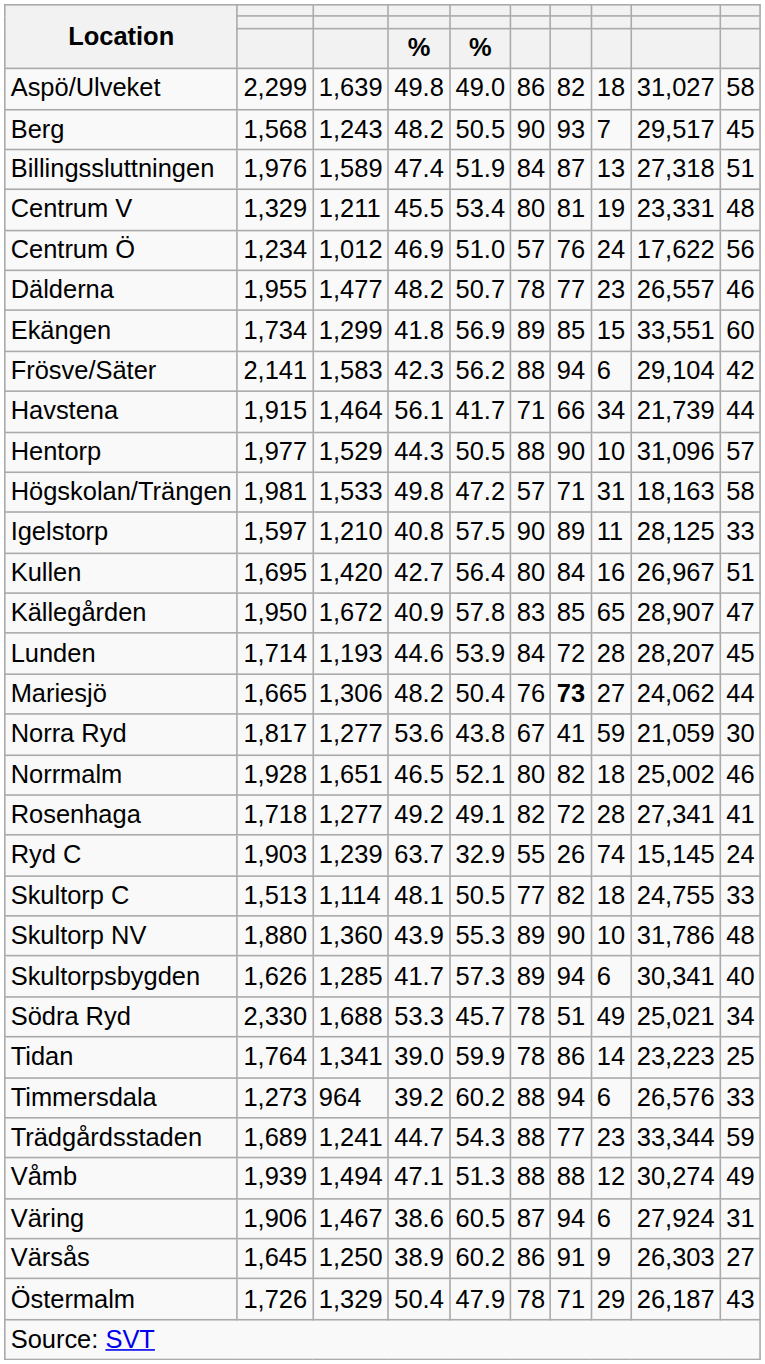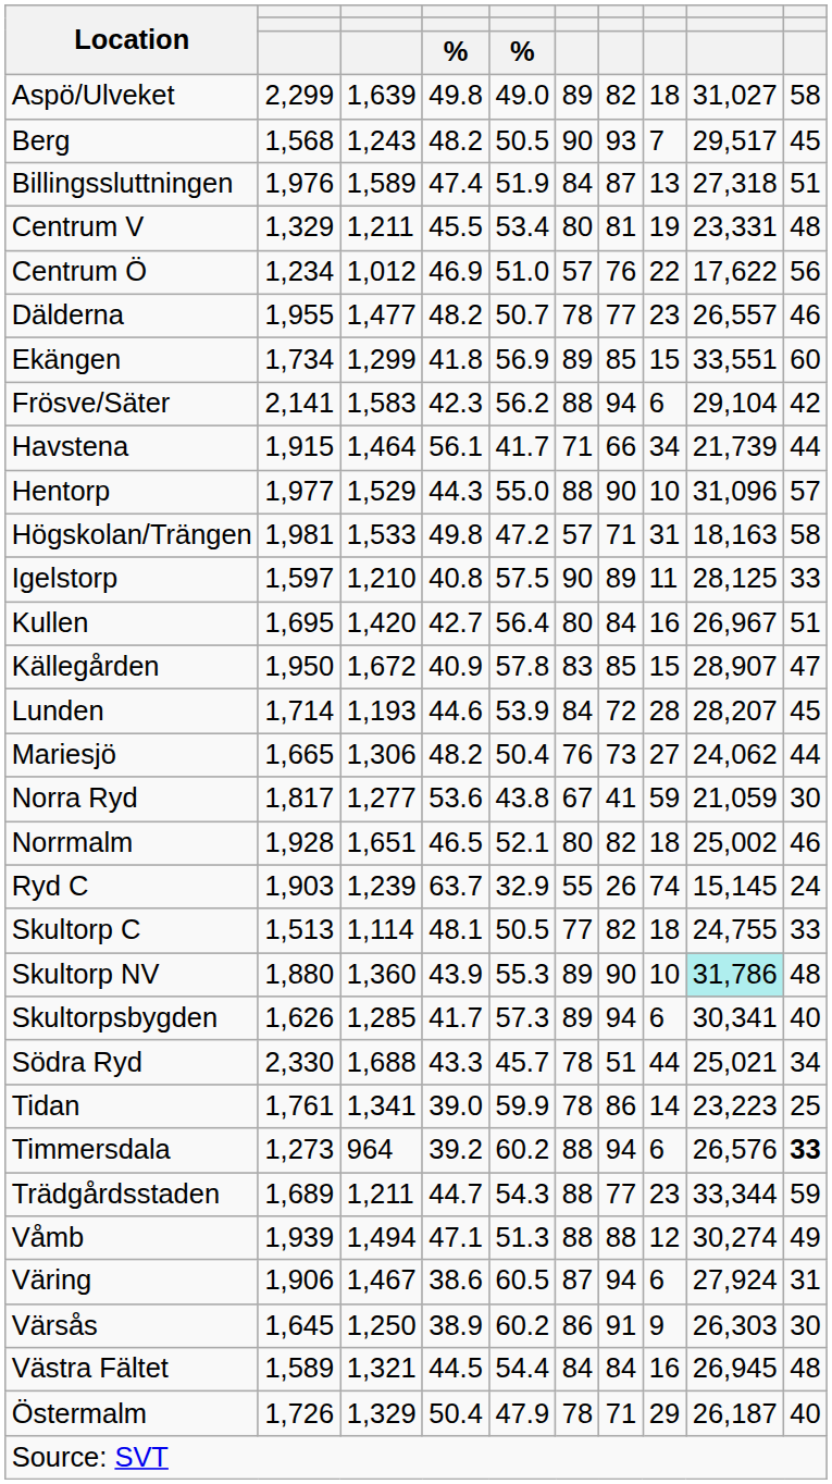 <table role="presentation" class="wikitable sortable mw-collapsible mw-collapsed">
 <tr>
 <th rowspan="3">Location</th>
 <th></th>
 <th></th>
 <th></th>
 <th></th>
 <th></th>
 <th></th>
 <th></th>
 <th></th>
 <th></th>
 </tr>
 <tr>
 <th></th>
 <th></th>
 <th style="background:"></th>
 <th style="background:"></th>
 <th></th>
 <th></th>
 <th></th>
 <th></th>
 <th></th>
 </tr>
 <tr>
 <th data-sort-type="number"></th>
 <th data-sort-type="number"></th>
 <th data-sort-type="number">%</th>
 <th data-sort-type="number">%</th>
 <th data-sort-type="number"></th>
 <th data-sort-type="number"></th>
 <th data-sort-type="number"></th>
 <th data-sort-type="number"></th>
 <th data-sort-type="number"></th>
 </tr>
 <tr>
 <td align="left">Aspö/Ulveket</td>
 <td>2,299</td>
 <td>1,639</td>
 <td>49.8</td>
 <td>49.0</td>
-<td>86</td>
+<td>89</td>
 <td>82</td>
 <td>18</td>
 <td>31,027</td>
 <td>58</td>
 </tr>
 <tr>
 <td align="left">Berg</td>
 <td>1,568</td>
 <td>1,243</td>
 <td>48.2</td>
 <td>50.5</td>
 <td>90</td>
 <td>93</td>
 <td>7</td>
 <td>29,517</td>
 <td>45</td>
 </tr>
 <tr>
 <td align="left">Billingssluttningen</td>
 <td>1,976</td>
 <td>1,589</td>
 <td>47.4</td>
 <td>51.9</td>
 <td>84</td>
 <td>87</td>
 <td>13</td>
 <td>27,318</td>
 <td>51</td>
 </tr>
 <tr>
 <td align="left">Centrum V</td>
 <td>1,329</td>
 <td>1,211</td>
 <td>45.5</td>
 <td>53.4</td>
 <td>80</td>
 <td>81</td>
 <td>19</td>
 <td>23,331</td>
 <td>48</td>
 </tr>
 <tr>
 <td align="left">Centrum Ö</td>
 <td>1,234</td>
 <td>1,012</td>
 <td>46.9</td>
 <td>51.0</td>
 <td>57</td>
 <td>76</td>
-<td>24</td>
+<td>22</td>
 <td>17,622</td>
 <td>56</td>
 </tr>
 <tr>
 <td align="left">Dälderna</td>
 <td>1,955</td>
 <td>1,477</td>
 <td>48.2</td>
 <td>50.7</td>
 <td>78</td>
 <td>77</td>
 <td>23</td>
 <td>26,557</td>
 <td>46</td>
 </tr>
 <tr>
 <td align="left">Ekängen</td>
 <td>1,734</td>
 <td>1,299</td>
 <td>41.8</td>
 <td>56.9</td>
 <td>89</td>
 <td>85</td>
 <td>15</td>
 <td>33,551</td>
 <td>60</td>
 </tr>
 <tr>
 <td align="left">Frösve/Säter</td>
 <td>2,141</td>
 <td>1,583</td>
 <td>42.3</td>
 <td>56.2</td>
 <td>88</td>
 <td>94</td>
 <td>6</td>
 <td>29,104</td>
 <td>42</td>
 </tr>
 <tr>
 <td align="left">Havstena</td>
 <td>1,915</td>
 <td>1,464</td>
 <td>56.1</td>
 <td>41.7</td>
 <td>71</td>
 <td>66</td>
 <td>34</td>
 <td>21,739</td>
 <td>44</td>
 </tr>
 <tr>
 <td align="left">Hentorp</td>
 <td>1,977</td>
 <td>1,529</td>
 <td>44.3</td>
-<td>50.5</td>
+<td>55.0</td>
 <td>88</td>
 <td>90</td>
 <td>10</td>
 <td>31,096</td>
 <td>57</td>
 </tr>
 <tr>
 <td align="left">Högskolan/Trängen</td>
 <td>1,981</td>
 <td>1,533</td>
 <td>49.8</td>
 <td>47.2</td>
 <td>57</td>
 <td>71</td>
 <td>31</td>
 <td>18,163</td>
 <td>58</td>
 </tr>
 <tr>
 <td align="left">Igelstorp</td>
 <td>1,597</td>
 <td>1,210</td>
 <td>40.8</td>
 <td>57.5</td>
 <td>90</td>
 <td>89</td>
 <td>11</td>
 <td>28,125</td>
 <td>33</td>
 </tr>
 <tr>
 <td align="left">Kullen</td>
 <td>1,695</td>
 <td>1,420</td>
 <td>42.7</td>
 <td>56.4</td>
 <td>80</td>
 <td>84</td>
 <td>16</td>
 <td>26,967</td>
 <td>51</td>
 </tr>
 <tr>
 <td align="left">Källegården</td>
 <td>1,950</td>
 <td>1,672</td>
 <td>40.9</td>
 <td>57.8</td>
 <td>83</td>
 <td>85</td>
-<td>65</td>
+<td>15</td>
 <td>28,907</td>
 <td>47</td>
 </tr>
 <tr>
 <td align="left">Lunden</td>
 <td>1,714</td>
 <td>1,193</td>
 <td>44.6</td>
 <td>53.9</td>
 <td>84</td>
 <td>72</td>
 <td>28</td>
 <td>28,207</td>
 <td>45</td>
 </tr>
 <tr>
 <td align="left">Mariesjö</td>
 <td>1,665</td>
 <td>1,306</td>
 <td>48.2</td>
 <td>50.4</td>
 <td>76</td>
-<td><strong>73</strong></td>
+<td>73</td>
 <td>27</td>
 <td>24,062</td>
 <td>44</td>
 </tr>
 <tr>
 <td align="left">Norra Ryd</td>
 <td>1,817</td>
 <td>1,277</td>
 <td>53.6</td>
 <td>43.8</td>
 <td>67</td>
 <td>41</td>
 <td>59</td>
 <td>21,059</td>
 <td>30</td>
 </tr>
 <tr>
 <td align="left">Norrmalm</td>
 <td>1,928</td>
 <td>1,651</td>
 <td>46.5</td>
 <td>52.1</td>
 <td>80</td>
 <td>82</td>
 <td>18</td>
 <td>25,002</td>
 <td>46</td>
-</tr>
-<tr>
-<td align="left">Rosenhaga</td>
-<td>1,718</td>
-<td>1,277</td>
-<td>49.2</td>
-<td>49.1</td>
-<td>82</td>
-<td>72</td>
-<td>28</td>
-<td>27,341</td>
-<td>41</td>
 </tr>
 <tr>
 <td align="left">Ryd C</td>
 <td>1,903</td>
 <td>1,239</td>
 <td>63.7</td>
 <td>32.9</td>
 <td>55</td>
 <td>26</td>
 <td>74</td>
 <td>15,145</td>
 <td>24</td>
 </tr>
 <tr>
 <td align="left">Skultorp C</td>
 <td>1,513</td>
 <td>1,114</td>
 <td>48.1</td>
 <td>50.5</td>
 <td>77</td>
 <td>82</td>
 <td>18</td>
 <td>24,755</td>
 <td>33</td>
 </tr>
 <tr>
 <td align="left">Skultorp NV</td>
 <td>1,880</td>
 <td>1,360</td>
 <td>43.9</td>
 <td>55.3</td>
 <td>89</td>
 <td>90</td>
 <td>10</td>
-<td>31,786</td>
+<td style="background: paleturquoise;">31,786</td>
 <td>48</td>
 </tr>
 <tr>
 <td align="left">Skultorpsbygden</td>
 <td>1,626</td>
 <td>1,285</td>
 <td>41.7</td>
 <td>57.3</td>
 <td>89</td>
 <td>94</td>
 <td>6</td>
 <td>30,341</td>
 <td>40</td>
 </tr>
 <tr>
 <td align="left">Södra Ryd</td>
 <td>2,330</td>
 <td>1,688</td>
-<td>53.3</td>
+<td>43.3</td>
 <td>45.7</td>
 <td>78</td>
 <td>51</td>
-<td>49</td>
+<td>44</td>
 <td>25,021</td>
 <td>34</td>
 </tr>
 <tr>
 <td align="left">Tidan</td>
-<td>1,764</td>
+<td>1,761</td>
 <td>1,341</td>
 <td>39.0</td>
 <td>59.9</td>
 <td>78</td>
 <td>86</td>
 <td>14</td>
 <td>23,223</td>
 <td>25</td>
 </tr>
 <tr>
 <td align="left">Timmersdala</td>
 <td>1,273</td>
 <td>964</td>
 <td>39.2</td>
 <td>60.2</td>
 <td>88</td>
 <td>94</td>
 <td>6</td>
 <td>26,576</td>
-<td>33</td>
+<td><strong>33</strong></td>
 </tr>
 <tr>
 <td align="left">Trädgårdsstaden</td>
 <td>1,689</td>
-<td>1,241</td>
+<td>1,211</td>
 <td>44.7</td>
 <td>54.3</td>
 <td>88</td>
 <td>77</td>
 <td>23</td>
 <td>33,344</td>
 <td>59</td>
 </tr>
 <tr>
 <td align="left">Våmb</td>
 <td>1,939</td>
 <td>1,494</td>
 <td>47.1</td>
 <td>51.3</td>
 <td>88</td>
 <td>88</td>
 <td>12</td>
 <td>30,274</td>
 <td>49</td>
 </tr>
 <tr>
 <td align="left">Väring</td>
 <td>1,906</td>
 <td>1,467</td>
 <td>38.6</td>
 <td>60.5</td>
 <td>87</td>
 <td>94</td>
 <td>6</td>
 <td>27,924</td>
 <td>31</td>
 </tr>
 <tr>
 <td align="left">Värsås</td>
 <td>1,645</td>
 <td>1,250</td>
 <td>38.9</td>
 <td>60.2</td>
 <td>86</td>
 <td>91</td>
 <td>9</td>
 <td>26,303</td>
-<td>27</td>
+<td>30</td>
+</tr>
+<tr>
+<td align="left">Västra Fältet</td>
+<td>1,589</td>
+<td>1,321</td>
+<td>44.5</td>
+<td>54.4</td>
+<td>84</td>
+<td>84</td>
+<td>16</td>
+<td>26,945</td>
+<td>48</td>
 </tr>
 <tr>
 <td align="left">Östermalm</td>
 <td>1,726</td>
 <td>1,329</td>
 <td>50.4</td>
 <td>47.9</td>
 <td>78</td>
 <td>71</td>
 <td>29</td>
 <td>26,187</td>
-<td>43</td>
+<td>40</td>
 </tr>
 <tr>
 <td colspan="10" align="left">Source: <a href='#'>SVT</a></td>
 </tr>
 </table>
